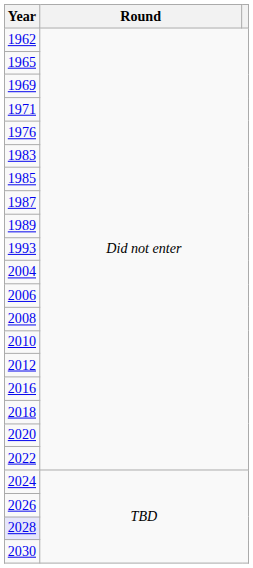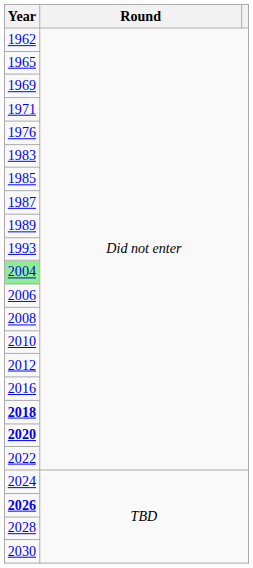 <table class="wikitable" style="text-align: center; font-size:90%">
 <tr>
 <th>Year</th>
 <th style="width:200px">Round</th>
 <th></th>
 </tr>
 <tr>
 <td><a href='#'>1962</a></td>
 <td colspan="2" rowspan="19"><em>Did not enter</em></td>
 </tr>
 <tr>
 <td><a href='#'>1965</a></td>
 </tr>
 <tr>
 <td><a href='#'>1969</a></td>
 </tr>
 <tr>
 <td><a href='#'>1971</a></td>
 </tr>
 <tr>
 <td><a href='#'>1976</a></td>
 </tr>
 <tr>
 <td><a href='#'>1983</a></td>
 </tr>
 <tr>
 <td><a href='#'>1985</a></td>
 </tr>
 <tr>
 <td><a href='#'>1987</a></td>
 </tr>
 <tr>
 <td><a href='#'>1989</a></td>
 </tr>
 <tr>
 <td><a href='#'>1993</a></td>
 </tr>
 <tr>
-<td><a href='#'>2004</a></td>
+<td style="background: lightgreen;"><a href='#'>2004</a></td>
 </tr>
 <tr>
 <td><a href='#'>2006</a></td>
 </tr>
 <tr>
 <td><a href='#'>2008</a></td>
 </tr>
 <tr>
 <td><a href='#'>2010</a></td>
 </tr>
 <tr>
 <td><a href='#'>2012</a></td>
 </tr>
 <tr>
 <td><a href='#'>2016</a></td>
 </tr>
 <tr>
-<td><a href='#'>2018</a></td>
+<td><strong><a href='#'>2018</a></strong></td>
 </tr>
 <tr>
-<td><a href='#'>2020</a></td>
+<td><strong><a href='#'>2020</a></strong></td>
 </tr>
 <tr>
 <td><a href='#'>2022</a></td>
 </tr>
 <tr>
 <td><a href='#'>2024</a></td>
 <td colspan="2" rowspan="4"><em>TBD</em></td>
 </tr>
 <tr>
-<td><a href='#'>2026</a></td>
+<td><strong><a href='#'>2026</a></strong></td>
 </tr>
 <tr>
-<td style="background: lavender;"><a href='#'>2028</a></td>
+<td><a href='#'>2028</a></td>
 </tr>
 <tr>
 <td><a href='#'>2030</a></td>
 </tr>
 </table>
